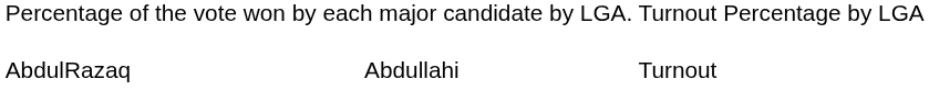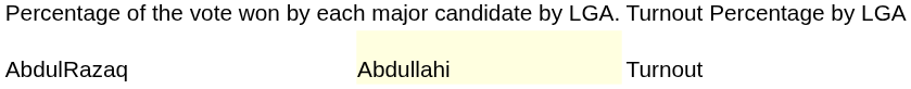 <table align=center>
 <tr>
 <td colspan=2>Percentage of the vote won by each major candidate by LGA.</td>
 <td width=320px>Turnout Percentage by LGA</td>
 </tr>
 <tr>
 <td><br>AbdulRazaq<br>  </td>
-<td><br>Abdullahi<br>  </td>
+<td style="background: lightyellow;"><br>Abdullahi<br>  </td>
 <td><br>Turnout<br> </td>
 </tr>
 </table>
